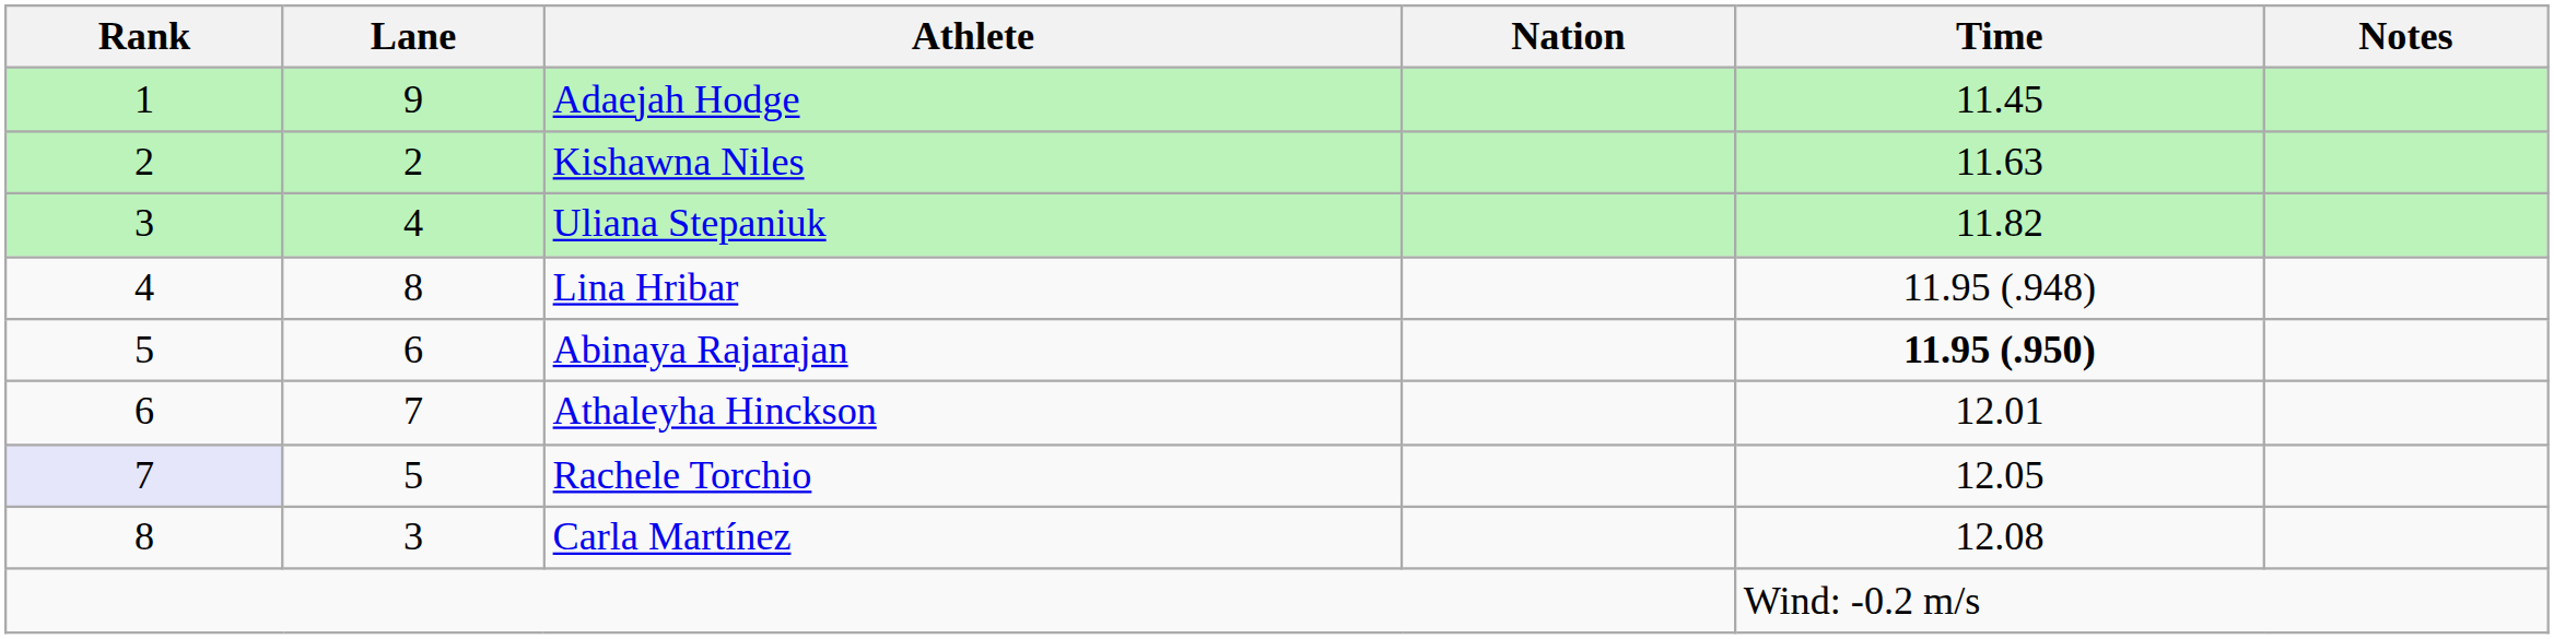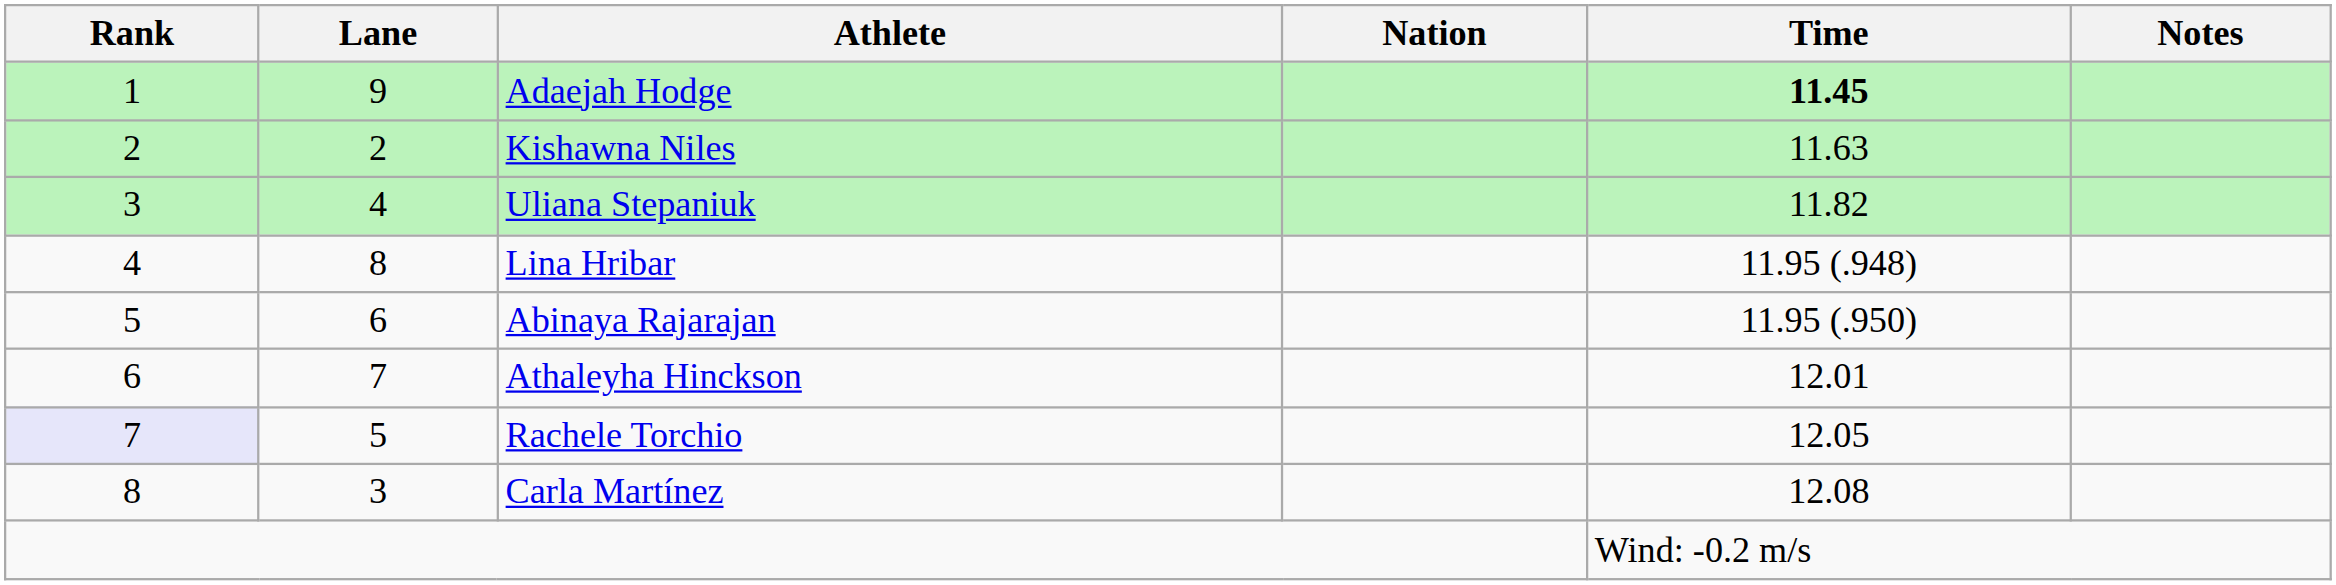 <table class="wikitable sortable" style="text-align:center;width: 65%;">
 <tr>
 <th scope="col">Rank</th>
 <th scope="col">Lane</th>
 <th scope="col">Athlete</th>
 <th scope="col">Nation</th>
 <th scope="col">Time</th>
 <th scope="col">Notes</th>
 </tr>
 <tr bgcolor=bbf3bb>
 <td>1</td>
 <td>9</td>
 <td align=left><a href='#'>Adaejah Hodge</a></td>
 <td align=left></td>
-<td>11.45</td>
+<td><strong>11.45</strong></td>
 <td></td>
 </tr>
 <tr bgcolor=bbf3bb>
 <td>2</td>
 <td>2</td>
 <td align=left><a href='#'>Kishawna Niles</a></td>
 <td align=left></td>
 <td>11.63</td>
 <td></td>
 </tr>
 <tr bgcolor=bbf3bb>
 <td>3</td>
 <td>4</td>
 <td align=left><a href='#'>Uliana Stepaniuk</a></td>
 <td align=left></td>
 <td>11.82</td>
 <td></td>
 </tr>
 <tr>
 <td>4</td>
 <td>8</td>
 <td align=left><a href='#'>Lina Hribar</a></td>
 <td align=left></td>
 <td>11.95 (.948)</td>
 <td></td>
 </tr>
 <tr>
 <td>5</td>
 <td>6</td>
 <td align=left><a href='#'>Abinaya Rajarajan</a></td>
 <td align=left></td>
-<td><strong>11.95 (.950)</strong></td>
+<td>11.95 (.950)</td>
 <td></td>
 </tr>
 <tr>
 <td>6</td>
 <td>7</td>
 <td align=left><a href='#'>Athaleyha Hinckson</a></td>
 <td align=left></td>
 <td>12.01</td>
 <td></td>
 </tr>
 <tr>
 <td style="background: lavender;">7</td>
 <td>5</td>
 <td align=left><a href='#'>Rachele Torchio</a></td>
 <td align=left></td>
 <td>12.05</td>
 <td></td>
 </tr>
 <tr>
 <td>8</td>
 <td>3</td>
 <td align=left><a href='#'>Carla Martínez</a></td>
 <td align=left></td>
 <td>12.08</td>
 <td></td>
 </tr>
 <tr class="sortbottom">
 <td colspan="4"></td>
 <td colspan="2" style="text-align:left;">Wind: -0.2 m/s</td>
 </tr>
 </table>
